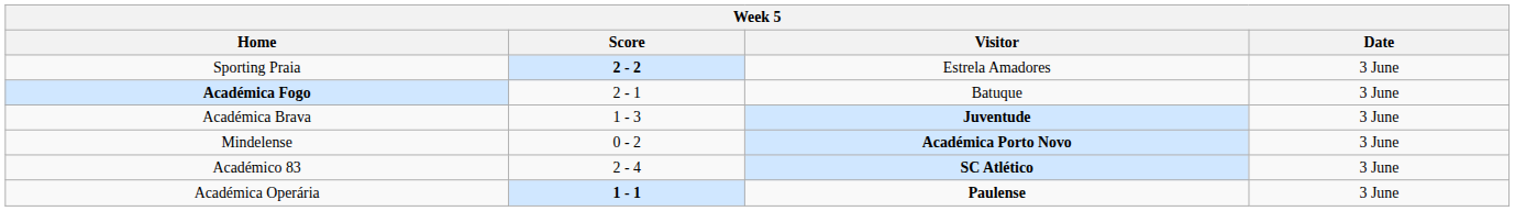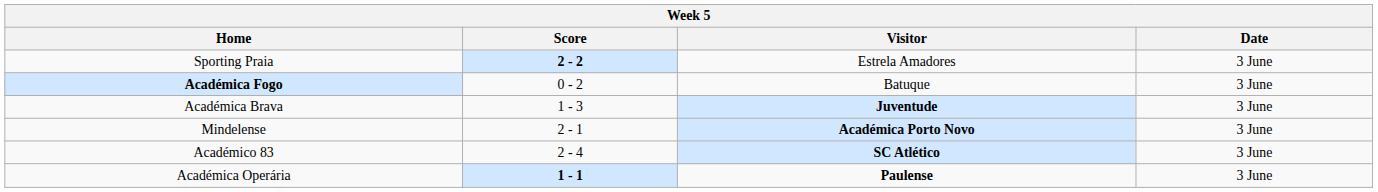 <table class="wikitable" style="font-size:95%; text-align: center; width: 95%; margin:1em auto;">
 <tr>
 <th colspan="12" style="with: 100%;">Week 5</th>
 </tr>
 <tr>
 <th width="200">Home</th>
 <th width="90">Score</th>
 <th width="200">Visitor</th>
 <th width="100">Date</th>
 </tr>
 <tr>
 <td>Sporting Praia</td>
 <td bgcolor=#D0E7FF><strong>2 - 2</strong></td>
 <td>Estrela Amadores</td>
 <td>3 June</td>
 </tr>
 <tr>
 <td bgcolor=#D0E7FF><strong>Académica Fogo</strong></td>
-<td>2 - 1</td>
+<td>0 - 2</td>
 <td>Batuque</td>
 <td>3 June</td>
 </tr>
 <tr>
 <td>Académica Brava</td>
 <td>1 - 3</td>
 <td bgcolor=#D0E7FF><strong>Juventude</strong></td>
 <td>3 June</td>
 </tr>
 <tr>
 <td>Mindelense</td>
-<td>0 - 2</td>
+<td>2 - 1</td>
 <td bgcolor=#D0E7FF><strong>Académica Porto Novo</strong></td>
 <td>3 June</td>
 </tr>
 <tr>
 <td>Académico 83</td>
 <td>2 - 4</td>
 <td bgcolor=#D0E7FF><strong>SC Atlético</strong></td>
 <td>3 June</td>
 </tr>
 <tr>
 <td>Académica Operária</td>
 <td bgcolor=#D0E7FF><strong>1 - 1</strong></td>
 <td><strong>Paulense</strong></td>
 <td>3 June</td>
 </tr>
 </table>
